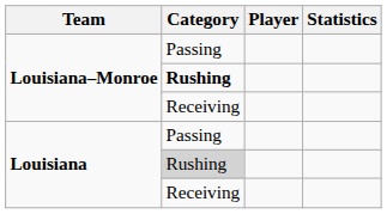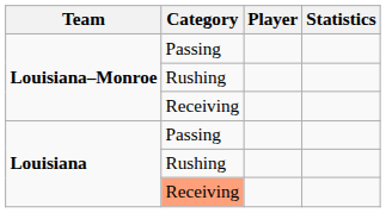 <table class="wikitable" style="float: right;">
 <tr>
 <th>Team</th>
 <th>Category</th>
 <th>Player</th>
 <th>Statistics</th>
 </tr>
 <tr>
 <td rowspan=3><strong>Louisiana–Monroe</strong></td>
 <td>Passing</td>
 <td></td>
 <td></td>
 </tr>
 <tr>
-<td><strong>Rushing</strong></td>
+<td>Rushing</td>
 <td></td>
 <td></td>
 </tr>
 <tr>
 <td>Receiving</td>
 <td></td>
 <td></td>
 </tr>
 <tr>
 <td rowspan=3><strong>Louisiana</strong></td>
 <td>Passing</td>
 <td></td>
 <td></td>
 </tr>
 <tr>
-<td style="background: lightgrey;">Rushing</td>
+<td>Rushing</td>
 <td></td>
 <td></td>
 </tr>
 <tr>
-<td>Receiving</td>
+<td style="background: lightsalmon;">Receiving</td>
 <td></td>
 <td></td>
 </tr>
 </table>
